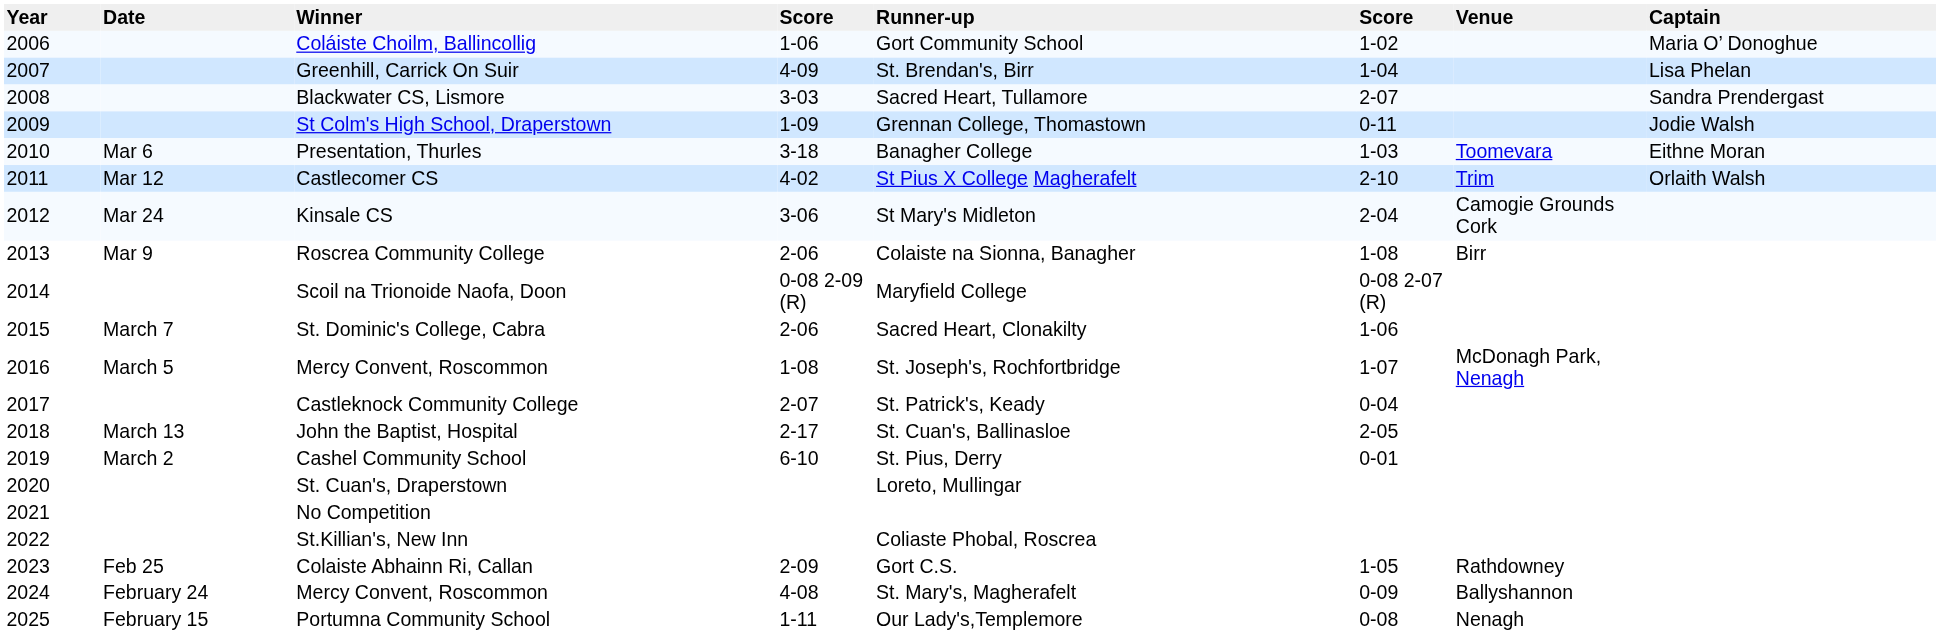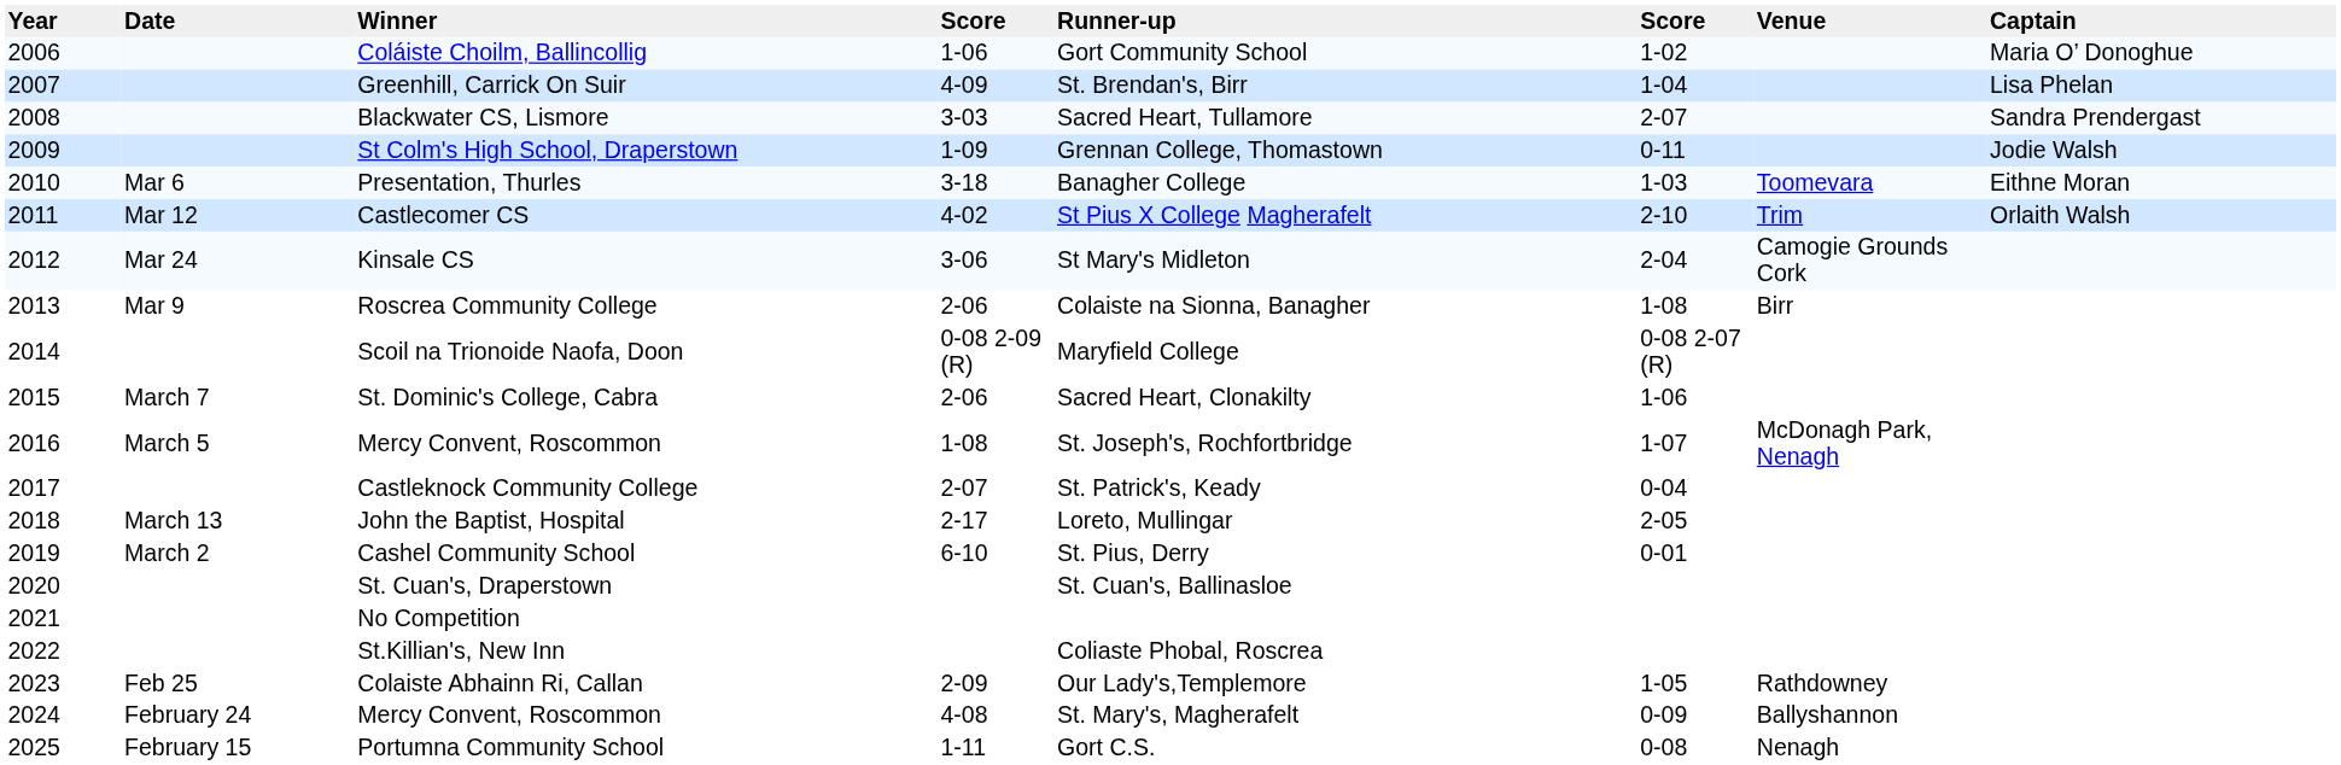 <table cellpadding=2 cellspacing=4 width=100% style="border-collapse:collapse">
 <tr align=left style="background:#efefef;">
 <th width=5%>Year</th>
 <th width=10%>Date</th>
 <th width=25%>Winner</th>
 <th width=5%>Score</th>
 <th width=25%>Runner-up</th>
 <th width=5%>Score</th>
 <th width=10%>Venue</th>
 <th width=20%>Captain</th>
 </tr>
 <tr bgcolor=#F5FAFF>
 <td>2006</td>
 <td></td>
 <td><a href='#'>Coláiste Choilm, Ballincollig</a></td>
 <td>1-06</td>
 <td>Gort Community School</td>
 <td>1-02</td>
 <td></td>
 <td>Maria O’ Donoghue</td>
 </tr>
 <tr bgcolor=#D0E7FF>
 <td>2007</td>
 <td></td>
 <td>Greenhill, Carrick On Suir</td>
 <td>4-09</td>
 <td>St. Brendan's, Birr</td>
 <td>1-04</td>
 <td></td>
 <td>Lisa Phelan</td>
 </tr>
 <tr bgcolor=#F5FAFF>
 <td>2008</td>
 <td></td>
 <td>Blackwater CS, Lismore</td>
 <td>3-03</td>
 <td>Sacred Heart, Tullamore</td>
 <td>2-07</td>
 <td></td>
 <td>Sandra Prendergast</td>
 </tr>
 <tr bgcolor=#D0E7FF>
 <td>2009</td>
 <td></td>
 <td><a href='#'>St Colm's High School, Draperstown</a></td>
 <td>1-09</td>
 <td>Grennan College, Thomastown</td>
 <td>0-11</td>
 <td></td>
 <td>Jodie Walsh</td>
 </tr>
 <tr bgcolor=#F5FAFF>
 <td>2010</td>
 <td>Mar 6</td>
 <td>Presentation, Thurles</td>
 <td>3-18</td>
 <td>Banagher College</td>
 <td>1-03</td>
 <td><a href='#'>Toomevara</a></td>
 <td>Eithne Moran</td>
 </tr>
 <tr bgcolor=#D0E7FF>
 <td>2011</td>
 <td>Mar 12</td>
 <td>Castlecomer CS</td>
 <td>4-02</td>
 <td><a href='#'>St Pius X College</a> <a href='#'>Magherafelt</a></td>
 <td>2-10</td>
 <td><a href='#'>Trim</a></td>
 <td>Orlaith Walsh</td>
 </tr>
 <tr bgcolor=#F5FAFF>
 <td>2012</td>
 <td>Mar 24</td>
 <td>Kinsale CS</td>
 <td>3-06</td>
 <td>St Mary's Midleton</td>
 <td>2-04</td>
 <td>Camogie Grounds Cork</td>
 <td></td>
 </tr>
 <tr>
 <td>2013</td>
 <td>Mar 9</td>
 <td>Roscrea Community College</td>
 <td>2-06</td>
 <td>Colaiste na Sionna, Banagher</td>
 <td>1-08</td>
 <td>Birr</td>
 <td></td>
 </tr>
 <tr>
 <td>2014</td>
 <td></td>
 <td>Scoil na Trionoide Naofa, Doon</td>
 <td>0-08 2-09 (R)</td>
 <td>Maryfield College</td>
 <td>0-08 2-07 (R)</td>
 <td></td>
 <td></td>
 </tr>
 <tr>
 <td>2015</td>
 <td>March 7</td>
 <td>St. Dominic's College, Cabra</td>
 <td>2-06</td>
 <td>Sacred Heart, Clonakilty</td>
 <td>1-06</td>
 <td></td>
 <td></td>
 </tr>
 <tr>
 <td>2016</td>
 <td>March 5</td>
 <td>Mercy Convent, Roscommon</td>
 <td>1-08</td>
 <td>St. Joseph's, Rochfortbridge</td>
 <td>1-07</td>
 <td>McDonagh Park, <a href='#'>Nenagh</a></td>
 <td></td>
 </tr>
 <tr>
 <td>2017</td>
 <td></td>
 <td>Castleknock Community College</td>
 <td>2-07</td>
 <td>St. Patrick's, Keady</td>
 <td>0-04</td>
 <td></td>
 <td></td>
 </tr>
 <tr>
 <td>2018</td>
 <td>March 13</td>
 <td>John the Baptist, Hospital</td>
 <td>2-17</td>
-<td>St. Cuan's, Ballinasloe</td>
+<td>Loreto, Mullingar</td>
 <td>2-05</td>
 <td></td>
 <td></td>
 </tr>
 <tr>
 <td>2019</td>
 <td>March 2</td>
 <td>Cashel Community School</td>
 <td>6-10</td>
 <td>St. Pius, Derry</td>
 <td>0-01</td>
 <td></td>
 <td></td>
 </tr>
 <tr>
 <td>2020</td>
 <td></td>
 <td>St. Cuan's, Draperstown</td>
 <td></td>
-<td>Loreto, Mullingar</td>
+<td>St. Cuan's, Ballinasloe</td>
 <td></td>
 <td></td>
 <td></td>
 </tr>
 <tr>
 <td>2021</td>
 <td></td>
 <td>No Competition</td>
 </tr>
 <tr>
 <td>2022</td>
 <td></td>
 <td>St.Killian's, New Inn</td>
 <td></td>
 <td>Coliaste Phobal, Roscrea</td>
 <td></td>
 <td></td>
 <td></td>
 </tr>
 <tr>
 <td>2023</td>
 <td>Feb 25</td>
 <td>Colaiste Abhainn Ri, Callan</td>
 <td>2-09</td>
-<td>Gort C.S.</td>
+<td>Our Lady's,Templemore</td>
 <td>1-05</td>
 <td>Rathdowney</td>
 <td></td>
 </tr>
 <tr>
 <td>2024</td>
 <td>February 24</td>
 <td>Mercy Convent, Roscommon</td>
 <td>4-08</td>
 <td>St. Mary's, Magherafelt</td>
 <td>0-09</td>
 <td>Ballyshannon</td>
 <td></td>
 </tr>
 <tr>
 <td>2025</td>
 <td>February 15</td>
 <td>Portumna Community School</td>
 <td>1-11</td>
-<td>Our Lady's,Templemore</td>
+<td>Gort C.S.</td>
 <td>0-08</td>
 <td>Nenagh</td>
 <td></td>
 </tr>
 </table>
